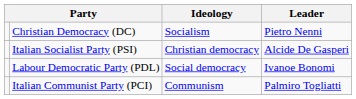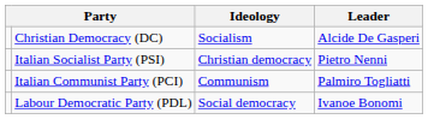 <table class=wikitable style="font-size:100%">
 <tr>
 <th colspan=2>Party</th>
 <th>Ideology</th>
 <th>Leader</th>
 </tr>
 <tr>
 <td style="color:inherit;background:"></td>
 <td><a href='#'>Christian Democracy</a> (DC)</td>
 <td><a href='#'>Socialism</a></td>
-<td><a href='#'>Pietro Nenni</a></td>
+<td><a href='#'>Alcide De Gasperi</a></td>
 </tr>
 <tr>
 <td style="color:inherit;background:"></td>
 <td><a href='#'>Italian Socialist Party</a> (PSI)</td>
 <td><a href='#'>Christian democracy</a></td>
-<td><a href='#'>Alcide De Gasperi</a></td>
+<td><a href='#'>Pietro Nenni</a></td>
+</tr>
+<tr>
+<td style="color:inherit;background:"></td>
+<td><a href='#'>Italian Communist Party</a> (PCI)</td>
+<td><a href='#'>Communism</a></td>
+<td><a href='#'>Palmiro Togliatti</a></td>
 </tr>
 <tr>
 <td style="color:inherit;background:"></td>
 <td><a href='#'>Labour Democratic Party</a> (PDL)</td>
 <td><a href='#'>Social democracy</a></td>
 <td><a href='#'>Ivanoe Bonomi</a></td>
 </tr>
-<tr>
-<td style="color:inherit;background:"></td>
-<td><a href='#'>Italian Communist Party</a> (PCI)</td>
-<td><a href='#'>Communism</a></td>
-<td><a href='#'>Palmiro Togliatti</a></td>
-</tr>
 </table>
